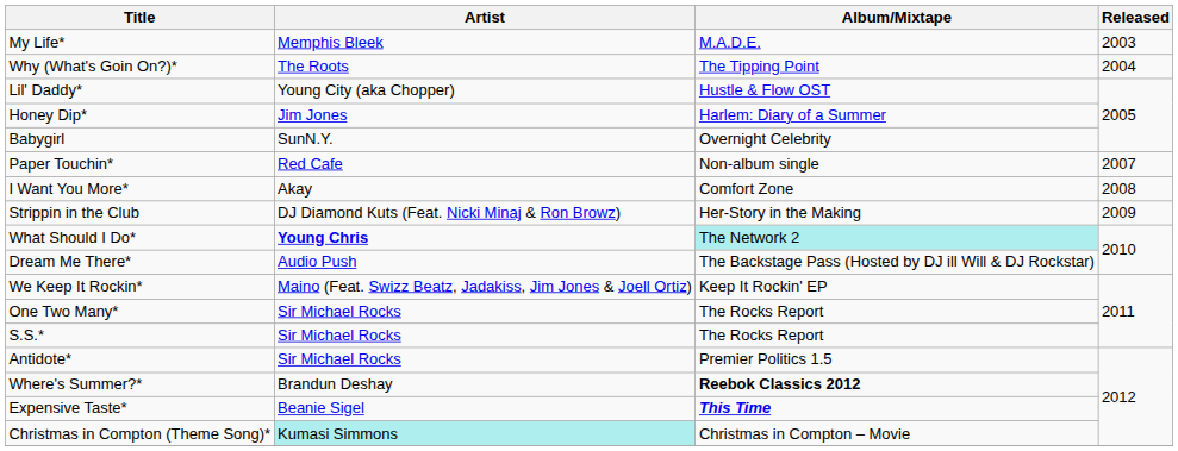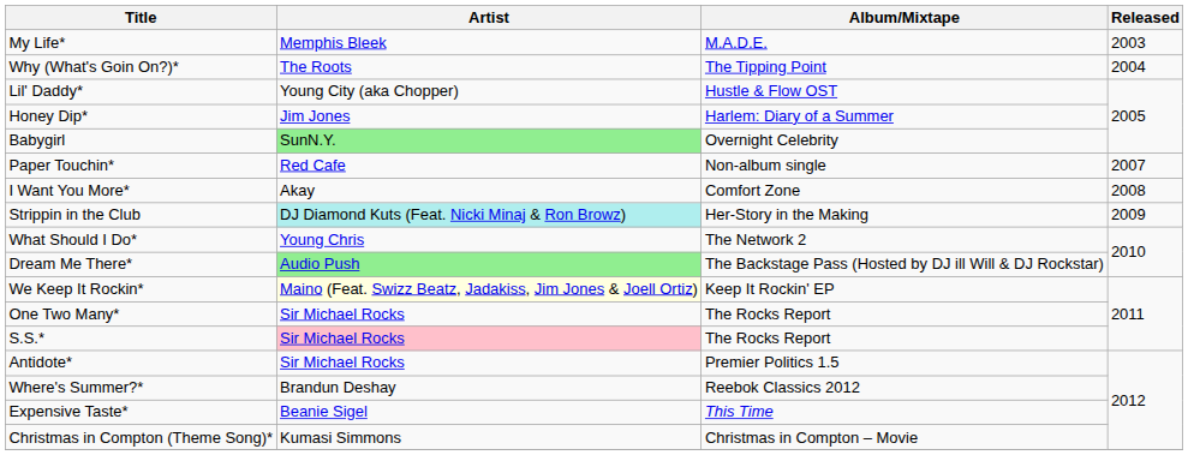 <table class="wikitable">
 <tr>
 <th>Title</th>
 <th>Artist</th>
 <th>Album/Mixtape</th>
 <th>Released</th>
 </tr>
 <tr>
 <td>My Life*</td>
 <td><a href='#'>Memphis Bleek</a></td>
 <td><a href='#'>M.A.D.E.</a></td>
 <td>2003</td>
 </tr>
 <tr>
 <td>Why (What's Goin On?)*</td>
 <td><a href='#'>The Roots</a></td>
 <td><a href='#'>The Tipping Point</a></td>
 <td>2004</td>
 </tr>
 <tr>
 <td>Lil' Daddy*</td>
 <td>Young City (aka Chopper)</td>
 <td><a href='#'>Hustle & Flow OST</a></td>
 <td rowspan="3">2005</td>
 </tr>
 <tr>
 <td>Honey Dip*</td>
 <td><a href='#'>Jim Jones</a></td>
 <td><a href='#'>Harlem: Diary of a Summer</a></td>
 </tr>
 <tr>
 <td>Babygirl</td>
-<td>SunN.Y.</td>
+<td style="background: lightgreen;">SunN.Y.</td>
 <td>Overnight Celebrity</td>
 </tr>
 <tr>
 <td>Paper Touchin*</td>
 <td><a href='#'>Red Cafe</a></td>
 <td>Non-album single</td>
 <td>2007</td>
 </tr>
 <tr>
 <td>I Want You More*</td>
 <td>Akay</td>
 <td>Comfort Zone</td>
 <td rowspan="1">2008</td>
 </tr>
 <tr>
 <td>Strippin in the Club</td>
-<td>DJ Diamond Kuts (Feat. <a href='#'>Nicki Minaj</a> & <a href='#'>Ron Browz</a>)</td>
+<td style="background: paleturquoise;">DJ Diamond Kuts (Feat. <a href='#'>Nicki Minaj</a> & <a href='#'>Ron Browz</a>)</td>
 <td>Her-Story in the Making</td>
 <td>2009</td>
 </tr>
 <tr>
 <td>What Should I Do*</td>
-<td><strong><a href='#'>Young Chris</a></strong></td>
-<td style="background: paleturquoise;">The Network 2</td>
+<td><a href='#'>Young Chris</a></td>
+<td>The Network 2</td>
 <td rowspan="2">2010</td>
 </tr>
 <tr>
 <td>Dream Me There*</td>
-<td><a href='#'>Audio Push</a></td>
+<td style="background: lightgreen;"><a href='#'>Audio Push</a></td>
 <td>The Backstage Pass (Hosted by DJ ill Will & DJ Rockstar)</td>
 </tr>
 <tr>
 <td>We Keep It Rockin*</td>
-<td><a href='#'>Maino</a> (Feat. <a href='#'>Swizz Beatz</a>, <a href='#'>Jadakiss</a>, <a href='#'>Jim Jones</a> & <a href='#'>Joell Ortiz</a>)</td>
+<td style="background: lightyellow;"><a href='#'>Maino</a> (Feat. <a href='#'>Swizz Beatz</a>, <a href='#'>Jadakiss</a>, <a href='#'>Jim Jones</a> & <a href='#'>Joell Ortiz</a>)</td>
 <td>Keep It Rockin' EP</td>
 <td rowspan="3">2011</td>
 </tr>
 <tr>
 <td>One Two Many*</td>
 <td><a href='#'>Sir Michael Rocks</a></td>
 <td>The Rocks Report</td>
 </tr>
 <tr>
 <td>S.S.*</td>
-<td><a href='#'>Sir Michael Rocks</a></td>
+<td style="background: pink;"><a href='#'>Sir Michael Rocks</a></td>
 <td>The Rocks Report</td>
 </tr>
 <tr>
 <td>Antidote*</td>
 <td><a href='#'>Sir Michael Rocks</a></td>
 <td>Premier Politics 1.5</td>
 <td rowspan="4">2012</td>
 </tr>
 <tr>
 <td>Where's Summer?*</td>
 <td>Brandun Deshay</td>
-<td><strong>Reebok Classics 2012</strong></td>
+<td>Reebok Classics 2012</td>
 </tr>
 <tr>
 <td>Expensive Taste*</td>
 <td><a href='#'>Beanie Sigel</a></td>
-<td><strong><em><a href='#'>This Time</a></em></strong></td>
+<td><em><a href='#'>This Time</a></em></td>
 </tr>
 <tr>
 <td>Christmas in Compton (Theme Song)*</td>
-<td style="background: paleturquoise;">Kumasi Simmons</td>
+<td>Kumasi Simmons</td>
 <td>Christmas in Compton – Movie</td>
 </tr>
 <tr>
 </tr>
 </table>
